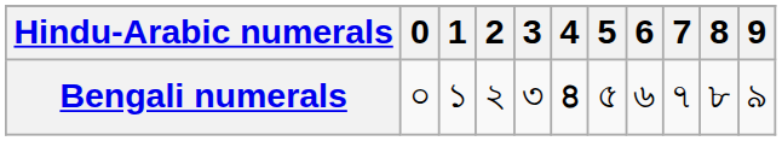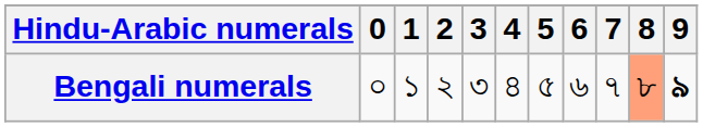 <table class="wikitable">
 <tr>
 </tr>
 <tr>
 <th><a href='#'>Hindu-Arabic numerals</a></th>
 <th>0</th>
 <th>1</th>
 <th>2</th>
 <th>3</th>
 <th>4</th>
 <th>5</th>
 <th>6</th>
 <th>7</th>
 <th>8</th>
 <th>9</th>
 </tr>
 <tr>
 <th><a href='#'>Bengali numerals</a></th>
 <td>০</td>
 <td>১</td>
 <td>২</td>
 <td>৩</td>
-<td><strong>৪</strong></td>
+<td>৪</td>
 <td>৫</td>
 <td>৬</td>
 <td>৭</td>
-<td>৮</td>
-<td>৯</td>
+<td style="background: lightsalmon;">৮</td>
+<td><strong>৯</strong></td>
 </tr>
 </table>
